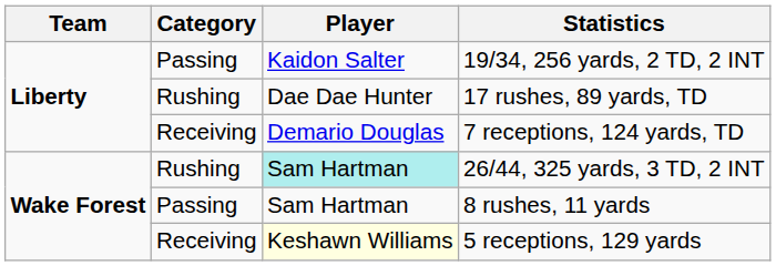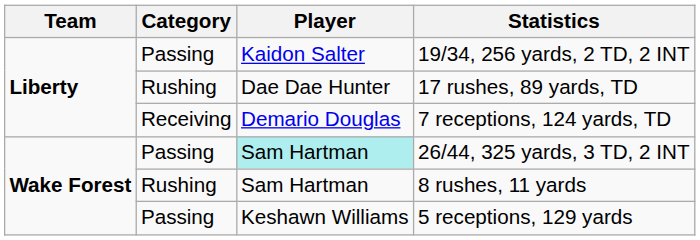 <table class="wikitable" style="float: left;">
 <tr>
 <th>Team</th>
 <th>Category</th>
 <th>Player</th>
 <th>Statistics</th>
 </tr>
 <tr>
 <td rowspan=3><strong>Liberty</strong></td>
 <td>Passing</td>
 <td><a href='#'>Kaidon Salter</a></td>
 <td>19/34, 256 yards, 2 TD, 2 INT</td>
 </tr>
 <tr>
 <td>Rushing</td>
 <td>Dae Dae Hunter</td>
 <td>17 rushes, 89 yards, TD</td>
 </tr>
 <tr>
 <td>Receiving</td>
 <td><a href='#'>Demario Douglas</a></td>
 <td>7 receptions, 124 yards, TD</td>
 </tr>
 <tr>
 <td rowspan=3><strong>Wake Forest</strong></td>
-<td>Rushing</td>
+<td>Passing</td>
 <td style="background: paleturquoise;">Sam Hartman</td>
 <td>26/44, 325 yards, 3 TD, 2 INT</td>
 </tr>
 <tr>
-<td>Passing</td>
+<td>Rushing</td>
 <td>Sam Hartman</td>
 <td>8 rushes, 11 yards</td>
 </tr>
 <tr>
-<td>Receiving</td>
-<td style="background: lightyellow;">Keshawn Williams</td>
+<td>Passing</td>
+<td>Keshawn Williams</td>
 <td>5 receptions, 129 yards</td>
 </tr>
 </table>
